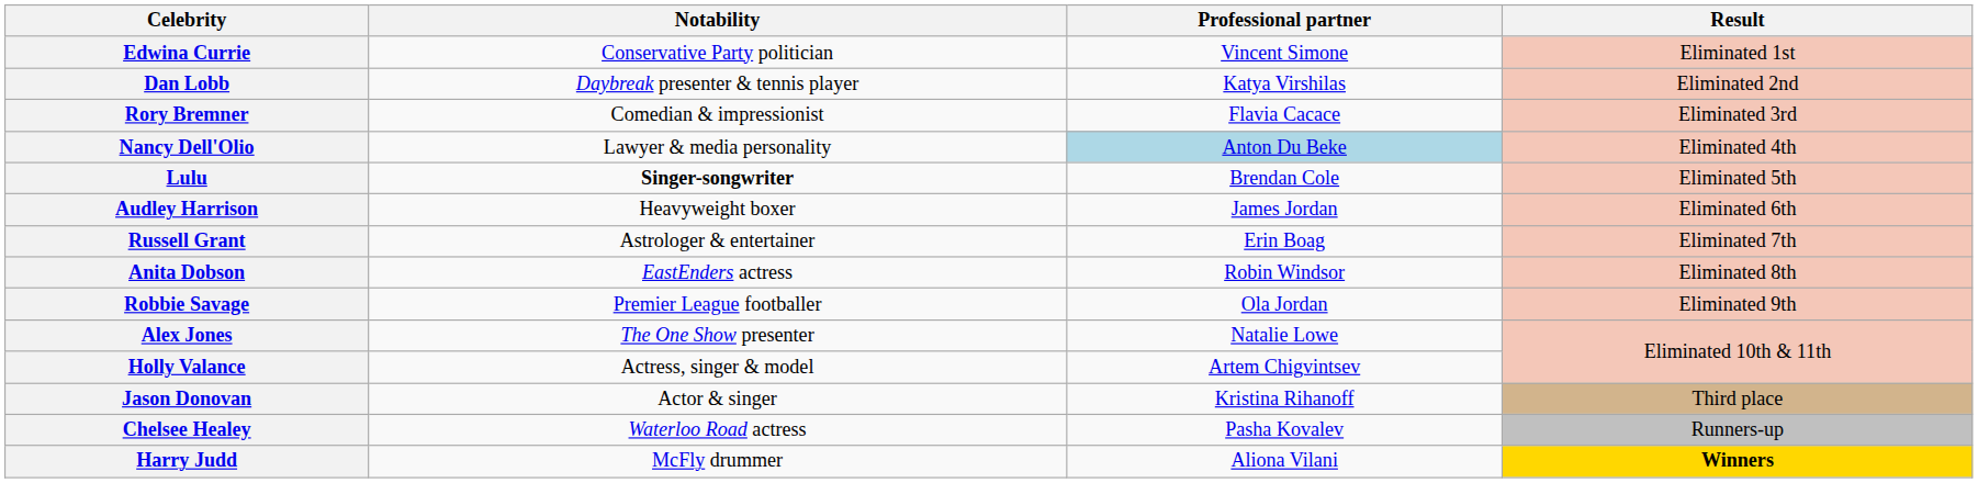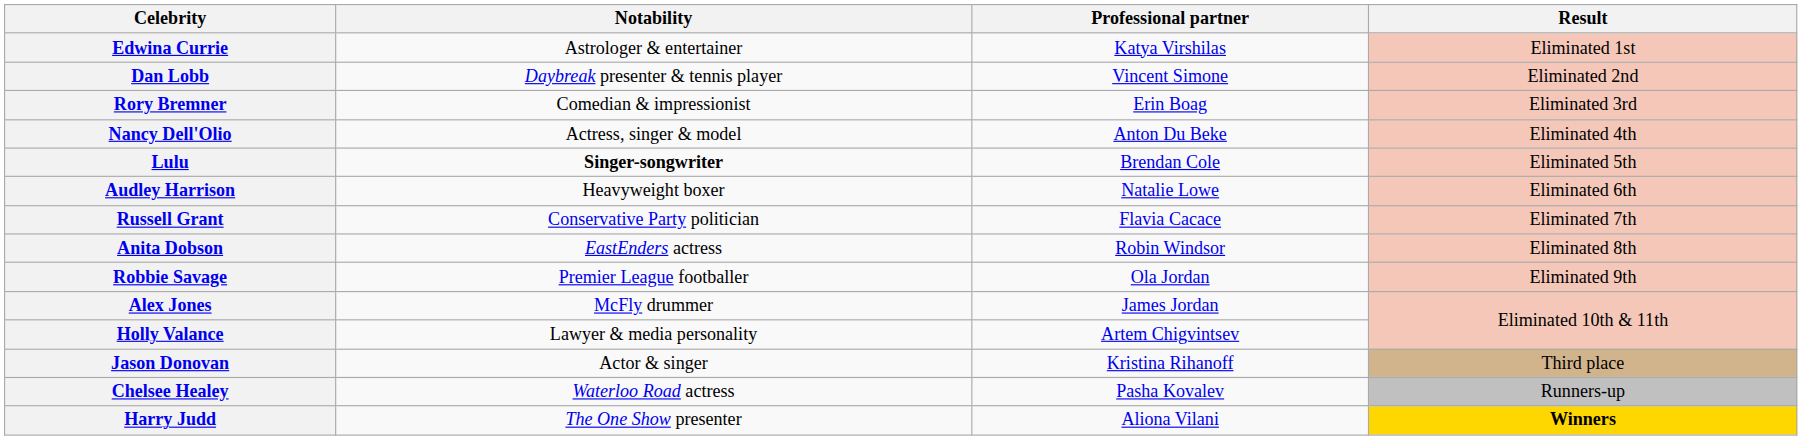 <table class="wikitable sortable" style="text-align:center; width:80%">
 <tr>
 <th scope="col">Celebrity</th>
 <th scope="col" class="unsortable">Notability</th>
 <th scope="col">Professional partner</th>
 <th scope="col">Result</th>
 </tr>
 <tr>
 <th scope="row"><a href='#'>Edwina Currie</a></th>
-<td><a href='#'>Conservative Party</a> politician</td>
-<td><a href='#'>Vincent Simone</a></td>
+<td>Astrologer & entertainer</td>
+<td><a href='#'>Katya Virshilas</a></td>
 <td bgcolor="f4c7b8">Eliminated 1st</td>
 </tr>
 <tr>
 <th scope="row"><a href='#'>Dan Lobb</a></th>
 <td><em><a href='#'>Daybreak</a></em> presenter & tennis player</td>
-<td><a href='#'>Katya Virshilas</a></td>
+<td><a href='#'>Vincent Simone</a></td>
 <td bgcolor="f4c7b8">Eliminated 2nd</td>
 </tr>
 <tr>
 <th scope="row"><a href='#'>Rory Bremner</a></th>
 <td>Comedian & impressionist</td>
-<td><a href='#'>Flavia Cacace</a></td>
+<td><a href='#'>Erin Boag</a></td>
 <td bgcolor="f4c7b8">Eliminated 3rd</td>
 </tr>
 <tr>
 <th scope="row"><a href='#'>Nancy Dell'Olio</a></th>
-<td>Lawyer & media personality</td>
-<td style="background: lightblue;"><a href='#'>Anton Du Beke</a></td>
+<td>Actress, singer & model</td>
+<td><a href='#'>Anton Du Beke</a></td>
 <td bgcolor="f4c7b8">Eliminated 4th</td>
 </tr>
 <tr>
 <th scope="row"><a href='#'>Lulu</a></th>
 <td><strong>Singer-songwriter</strong></td>
 <td><a href='#'>Brendan Cole</a></td>
 <td bgcolor="f4c7b8">Eliminated 5th</td>
 </tr>
 <tr>
 <th scope="row"><a href='#'>Audley Harrison</a></th>
 <td>Heavyweight boxer</td>
-<td><a href='#'>James Jordan</a></td>
+<td><a href='#'>Natalie Lowe</a></td>
 <td bgcolor="f4c7b8">Eliminated 6th</td>
 </tr>
 <tr>
 <th scope="row"><a href='#'>Russell Grant</a></th>
-<td>Astrologer & entertainer</td>
-<td><a href='#'>Erin Boag</a></td>
+<td><a href='#'>Conservative Party</a> politician</td>
+<td><a href='#'>Flavia Cacace</a></td>
 <td bgcolor="f4c7b8">Eliminated 7th</td>
 </tr>
 <tr>
 <th scope="row"><a href='#'>Anita Dobson</a></th>
 <td><em><a href='#'>EastEnders</a></em> actress</td>
 <td><a href='#'>Robin Windsor</a></td>
 <td bgcolor="f4c7b8">Eliminated 8th</td>
 </tr>
 <tr>
 <th scope="row"><a href='#'>Robbie Savage</a></th>
 <td><a href='#'>Premier League</a> footballer</td>
 <td><a href='#'>Ola Jordan</a></td>
 <td bgcolor="f4c7b8">Eliminated 9th</td>
 </tr>
 <tr>
 <th scope="row"><a href='#'>Alex Jones</a></th>
-<td><em><a href='#'>The One Show</a></em> presenter</td>
-<td><a href='#'>Natalie Lowe</a></td>
+<td><a href='#'>McFly</a> drummer</td>
+<td><a href='#'>James Jordan</a></td>
 <td rowspan="2" bgcolor="f4c7b8">Eliminated 10th & 11th</td>
 </tr>
 <tr>
 <th scope="row"><a href='#'>Holly Valance</a></th>
-<td>Actress, singer & model</td>
+<td>Lawyer & media personality</td>
 <td><a href='#'>Artem Chigvintsev</a></td>
 </tr>
 <tr>
 <th scope="row"><a href='#'>Jason Donovan</a></th>
 <td>Actor & singer</td>
 <td><a href='#'>Kristina Rihanoff</a></td>
 <td bgcolor="tan">Third place</td>
 </tr>
 <tr>
 <th scope="row"><a href='#'>Chelsee Healey</a></th>
 <td><em><a href='#'>Waterloo Road</a></em> actress</td>
 <td><a href='#'>Pasha Kovalev</a></td>
 <td bgcolor="silver">Runners-up</td>
 </tr>
 <tr>
 <th scope="row"><a href='#'>Harry Judd</a></th>
-<td><a href='#'>McFly</a> drummer</td>
+<td><em><a href='#'>The One Show</a></em> presenter</td>
 <td><a href='#'>Aliona Vilani</a></td>
 <td bgcolor="gold"><strong>Winners</strong></td>
 </tr>
 </table>
